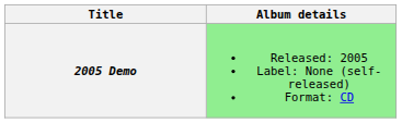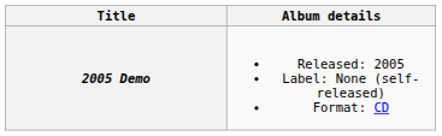 <table class="wikitable plainrowheaders" style="text-align:center;">
 <tr>
 <th scope="col" style="width:17em;">Title</th>
 <th scope="col" style="width:16em;">Album details</th>
 </tr>
 <tr>
 <th scope="row"><em>2005 Demo</em></th>
-<td style="background: lightgreen;"><br><ul><li>Released: 2005</li><li>Label: None (self-released)</li><li>Format: <a href='#'>CD</a></li></ul></td>
+<td><br><ul><li>Released: 2005</li><li>Label: None (self-released)</li><li>Format: <a href='#'>CD</a></li></ul></td>
 </tr>
 </table>
